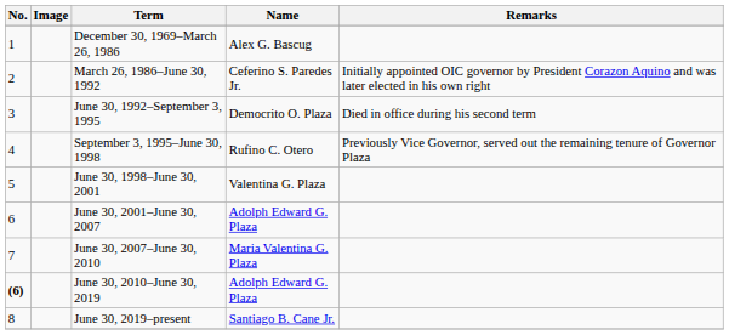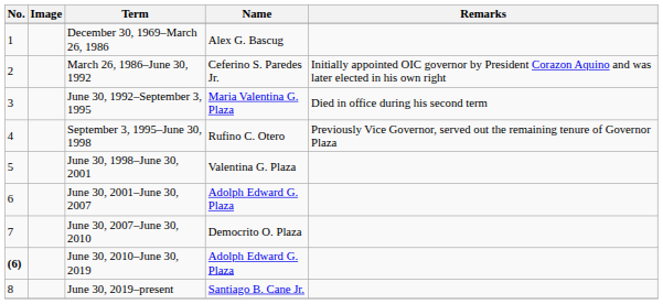 <table class="wikitable" style="margin: 1em auto 1em auto;width:70%;">
 <tr>
 <th>No.</th>
 <th>Image</th>
 <th>Term</th>
 <th>Name</th>
 <th>Remarks</th>
 </tr>
 <tr bgcolor="#ADD8E6">
 </tr>
 <tr>
 <td>1</td>
 <td></td>
 <td>December 30, 1969–March 26, 1986</td>
 <td>Alex G. Bascug</td>
 <td></td>
 </tr>
 <tr>
 <td>2</td>
 <td></td>
 <td>March 26, 1986–June 30, 1992</td>
 <td>Ceferino S. Paredes Jr.</td>
 <td>Initially appointed OIC governor by President <a href='#'>Corazon Aquino</a> and was later elected in his own right</td>
 </tr>
 <tr>
 <td>3</td>
 <td></td>
 <td>June 30, 1992–September 3, 1995</td>
-<td>Democrito O. Plaza</td>
+<td><a href='#'>Maria Valentina G. Plaza</a></td>
 <td>Died in office during his second term</td>
 </tr>
 <tr>
 <td>4</td>
 <td></td>
 <td>September 3, 1995–June 30, 1998</td>
 <td>Rufino C. Otero</td>
 <td>Previously Vice Governor, served out the remaining tenure of Governor Plaza</td>
 </tr>
 <tr>
 <td>5</td>
 <td></td>
 <td>June 30, 1998–June 30, 2001</td>
 <td>Valentina G. Plaza</td>
 <td></td>
 </tr>
 <tr>
 <td>6</td>
 <td></td>
 <td>June 30, 2001–June 30, 2007</td>
 <td><a href='#'>Adolph Edward G. Plaza</a></td>
 <td></td>
 </tr>
 <tr>
 <td>7</td>
 <td></td>
 <td>June 30, 2007–June 30, 2010</td>
-<td><a href='#'>Maria Valentina G. Plaza</a></td>
+<td>Democrito O. Plaza</td>
 <td></td>
 </tr>
 <tr>
 <td><strong>(6)</strong></td>
 <td></td>
 <td>June 30, 2010–June 30, 2019</td>
 <td><a href='#'>Adolph Edward G. Plaza</a></td>
 <td></td>
 </tr>
 <tr>
 <td>8</td>
 <td></td>
 <td>June 30, 2019–present</td>
 <td><a href='#'>Santiago B. Cane Jr.</a></td>
 <td></td>
 </tr>
 <tr>
 </tr>
 </table>
